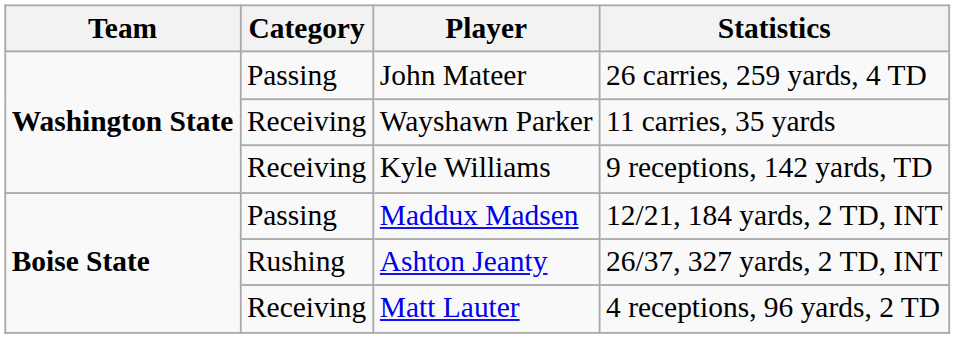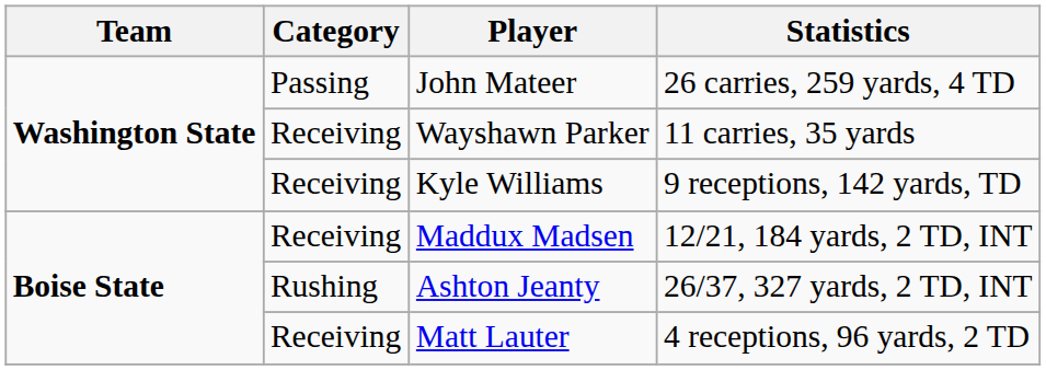 <table class="wikitable" style="float: right;">
 <tr>
 <th>Team</th>
 <th>Category</th>
 <th>Player</th>
 <th>Statistics</th>
 </tr>
 <tr>
 <td rowspan=3><strong>Washington State</strong></td>
 <td>Passing</td>
 <td>John Mateer</td>
 <td>26 carries, 259 yards, 4 TD</td>
 </tr>
 <tr>
 <td>Receiving</td>
 <td>Wayshawn Parker</td>
 <td>11 carries, 35 yards</td>
 </tr>
 <tr>
 <td>Receiving</td>
 <td>Kyle Williams</td>
 <td>9 receptions, 142 yards, TD</td>
 </tr>
 <tr>
 <td rowspan=3><strong>Boise State</strong></td>
-<td>Passing</td>
+<td>Receiving</td>
 <td><a href='#'>Maddux Madsen</a></td>
 <td>12/21, 184 yards, 2 TD, INT</td>
 </tr>
 <tr>
 <td>Rushing</td>
 <td><a href='#'>Ashton Jeanty</a></td>
 <td>26/37, 327 yards, 2 TD, INT</td>
 </tr>
 <tr>
 <td>Receiving</td>
 <td><a href='#'>Matt Lauter</a></td>
 <td>4 receptions, 96 yards, 2 TD</td>
 </tr>
 </table>
